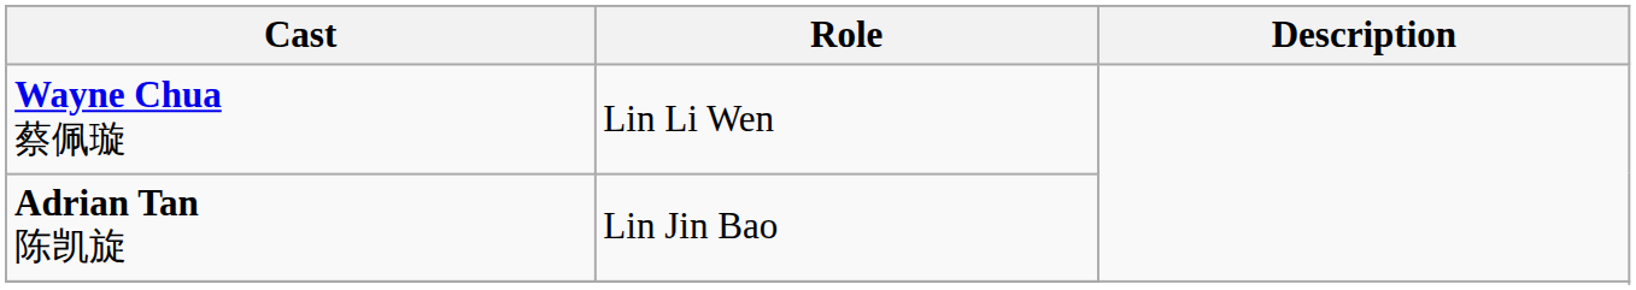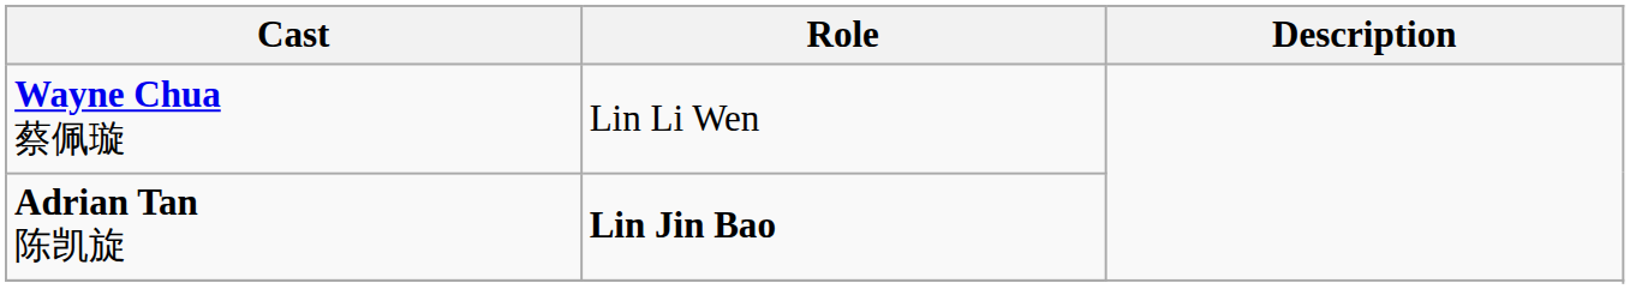 <table class="wikitable" width="55%">
 <tr>
 <th>Cast</th>
 <th>Role</th>
 <th>Description</th>
 </tr>
 <tr>
 <td><strong><a href='#'>Wayne Chua</a></strong><br>蔡佩璇</td>
 <td>Lin Li Wen</td>
 </tr>
 <tr>
 <td><strong>Adrian Tan</strong><br>陈凯旋</td>
-<td>Lin Jin Bao</td>
+<td><strong>Lin Jin Bao</strong></td>
 </tr>
 <tr>
 </tr>
 </table>
